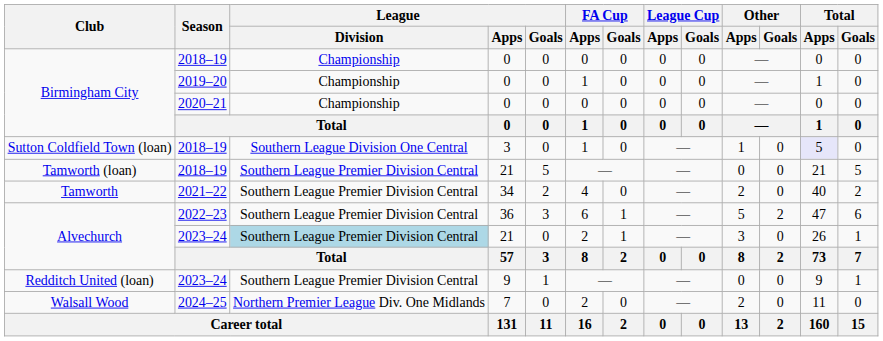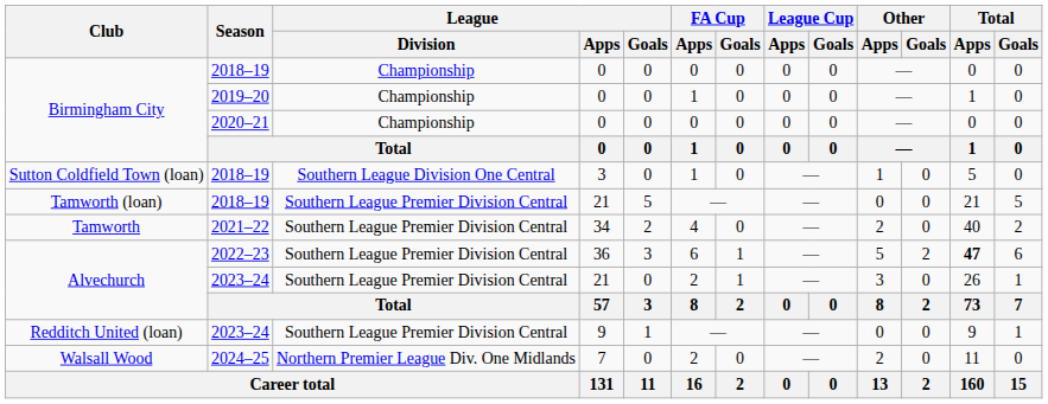 <table class="wikitable" style="text-align:center">
 <tr>
 <th rowspan="2">Club</th>
 <th rowspan="2">Season</th>
 <th colspan="3">League</th>
 <th colspan="2"><a href='#'>FA Cup</a></th>
 <th colspan="2"><a href='#'>League Cup</a></th>
 <th colspan="2">Other</th>
 <th colspan="2">Total</th>
 </tr>
 <tr>
 <th>Division</th>
 <th>Apps</th>
 <th>Goals</th>
 <th>Apps</th>
 <th>Goals</th>
 <th>Apps</th>
 <th>Goals</th>
 <th>Apps</th>
 <th>Goals</th>
 <th>Apps</th>
 <th>Goals</th>
 </tr>
 <tr>
 <td rowspan="4"><a href='#'>Birmingham City</a></td>
 <td><a href='#'>2018–19</a></td>
 <td><a href='#'>Championship</a></td>
 <td>0</td>
 <td>0</td>
 <td>0</td>
 <td>0</td>
 <td>0</td>
 <td>0</td>
 <td colspan="2">—</td>
 <td>0</td>
 <td>0</td>
 </tr>
 <tr>
 <td><a href='#'>2019–20</a></td>
 <td>Championship</td>
 <td>0</td>
 <td>0</td>
 <td>1</td>
 <td>0</td>
 <td>0</td>
 <td>0</td>
 <td colspan="2">—</td>
 <td>1</td>
 <td>0</td>
 </tr>
 <tr>
 <td><a href='#'>2020–21</a></td>
 <td>Championship</td>
 <td>0</td>
 <td>0</td>
 <td>0</td>
 <td>0</td>
 <td>0</td>
 <td>0</td>
 <td colspan="2">—</td>
 <td>0</td>
 <td>0</td>
 </tr>
 <tr>
 <th colspan=2>Total</th>
 <th>0</th>
 <th>0</th>
 <th>1</th>
 <th>0</th>
 <th>0</th>
 <th>0</th>
 <th colspan="2">—</th>
 <th>1</th>
 <th>0</th>
 </tr>
 <tr>
 <td><a href='#'>Sutton Coldfield Town</a> (loan)</td>
 <td><a href='#'>2018–19</a></td>
 <td><a href='#'>Southern League Division One Central</a></td>
 <td>3</td>
 <td>0</td>
 <td>1</td>
 <td>0</td>
 <td colspan="2">—</td>
 <td>1</td>
 <td>0</td>
-<td style="background: lavender;">5</td>
+<td>5</td>
 <td>0</td>
 </tr>
 <tr>
 <td><a href='#'>Tamworth</a> (loan)</td>
 <td><a href='#'>2018–19</a></td>
 <td><a href='#'>Southern League Premier Division Central</a></td>
 <td>21</td>
 <td>5</td>
 <td colspan="2">—</td>
 <td colspan="2">—</td>
 <td>0</td>
 <td>0</td>
 <td>21</td>
 <td>5</td>
 </tr>
 <tr>
 <td><a href='#'>Tamworth</a></td>
 <td><a href='#'>2021–22</a></td>
 <td>Southern League Premier Division Central</td>
 <td>34</td>
 <td>2</td>
 <td>4</td>
 <td>0</td>
 <td colspan="2">—</td>
 <td>2</td>
 <td>0</td>
 <td>40</td>
 <td>2</td>
 </tr>
 <tr>
 <td rowspan="3"><a href='#'>Alvechurch</a></td>
 <td><a href='#'>2022–23</a></td>
 <td>Southern League Premier Division Central</td>
 <td>36</td>
 <td>3</td>
 <td>6</td>
 <td>1</td>
 <td colspan="2">—</td>
 <td>5</td>
 <td>2</td>
-<td>47</td>
+<td><strong>47</strong></td>
 <td>6</td>
 </tr>
 <tr>
 <td><a href='#'>2023–24</a></td>
-<td style="background: lightblue;">Southern League Premier Division Central</td>
+<td>Southern League Premier Division Central</td>
 <td>21</td>
 <td>0</td>
 <td>2</td>
 <td>1</td>
 <td colspan="2">—</td>
 <td>3</td>
 <td>0</td>
 <td>26</td>
 <td>1</td>
 </tr>
 <tr>
 <th colspan="2">Total</th>
 <th>57</th>
 <th>3</th>
 <th>8</th>
 <th>2</th>
 <th>0</th>
 <th>0</th>
 <th>8</th>
 <th>2</th>
 <th>73</th>
 <th>7</th>
 </tr>
 <tr>
 <td><a href='#'>Redditch United</a> (loan)</td>
 <td><a href='#'>2023–24</a></td>
 <td>Southern League Premier Division Central</td>
 <td>9</td>
 <td>1</td>
 <td colspan="2">—</td>
 <td colspan="2">—</td>
 <td>0</td>
 <td>0</td>
 <td>9</td>
 <td>1</td>
 </tr>
 <tr>
 <td><a href='#'>Walsall Wood</a></td>
 <td><a href='#'>2024–25</a></td>
 <td><a href='#'>Northern Premier League</a> Div. One Midlands</td>
 <td>7</td>
 <td>0</td>
 <td>2</td>
 <td>0</td>
 <td colspan="2">—</td>
 <td>2</td>
 <td>0</td>
 <td>11</td>
 <td>0</td>
 </tr>
 <tr>
 <th colspan="3">Career total</th>
 <th>131</th>
 <th>11</th>
 <th>16</th>
 <th>2</th>
 <th>0</th>
 <th>0</th>
 <th>13</th>
 <th>2</th>
 <th>160</th>
 <th>15</th>
 </tr>
 </table>
